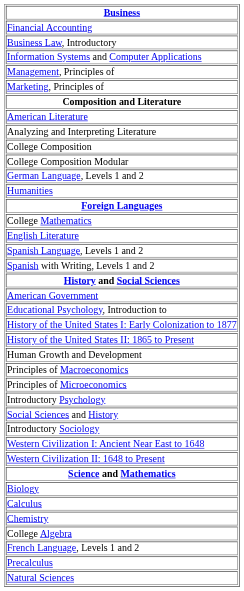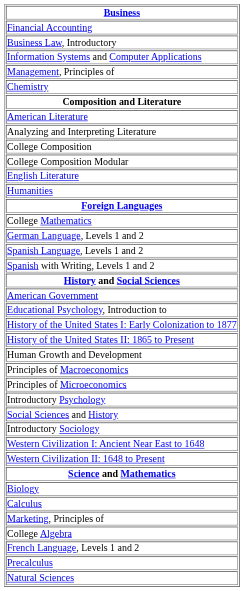 <table border="1">
 <tr>
 <th><a href='#'>Business</a></th>
 </tr>
 <tr>
 <td><a href='#'>Financial Accounting</a></td>
 </tr>
 <tr>
 <td><a href='#'>Business Law</a>, Introductory</td>
 </tr>
 <tr>
 <td><a href='#'>Information Systems</a> and <a href='#'>Computer Applications</a></td>
 </tr>
 <tr>
 <td><a href='#'>Management</a>, Principles of</td>
 </tr>
 <tr>
-<td><a href='#'>Marketing</a>, Principles of</td>
+<td><a href='#'>Chemistry</a></td>
 </tr>
 <tr>
 <th>Composition and Literature</th>
 </tr>
 <tr>
 <td><a href='#'>American Literature</a></td>
 </tr>
 <tr>
 <td>Analyzing and Interpreting Literature</td>
 </tr>
 <tr>
 <td>College Composition</td>
 </tr>
 <tr>
 <td>College Composition Modular</td>
 </tr>
 <tr>
-<td><a href='#'>German Language</a>, Levels 1 and 2</td>
+<td><a href='#'>English Literature</a></td>
 </tr>
 <tr>
 <td><a href='#'>Humanities</a></td>
 </tr>
 <tr>
 <th><a href='#'>Foreign Languages</a></th>
 </tr>
 <tr>
 <td>College <a href='#'>Mathematics</a></td>
 </tr>
 <tr>
-<td><a href='#'>English Literature</a></td>
+<td><a href='#'>German Language</a>, Levels 1 and 2</td>
 </tr>
 <tr>
 <td><a href='#'>Spanish Language</a>, Levels 1 and 2</td>
 </tr>
 <tr>
 <td><a href='#'>Spanish</a> with Writing, Levels 1 and 2</td>
 </tr>
 <tr>
 <th><a href='#'>History</a> and <a href='#'>Social Sciences</a></th>
 </tr>
 <tr>
 <td><a href='#'>American Government</a></td>
 </tr>
 <tr>
 <td><a href='#'>Educational Psychology</a>, Introduction to</td>
 </tr>
 <tr>
 <td><a href='#'>History of the United States I: Early Colonization to 1877</a></td>
 </tr>
 <tr>
 <td><a href='#'>History of the United States II: 1865 to Present</a></td>
 </tr>
 <tr>
 <td>Human Growth and Development</td>
 </tr>
 <tr>
 <td>Principles of <a href='#'>Macroeconomics</a></td>
 </tr>
 <tr>
 <td>Principles of <a href='#'>Microeconomics</a></td>
 </tr>
 <tr>
 <td>Introductory <a href='#'>Psychology</a></td>
 </tr>
 <tr>
 <td><a href='#'>Social Sciences</a> and <a href='#'>History</a></td>
 </tr>
 <tr>
 <td>Introductory <a href='#'>Sociology</a></td>
 </tr>
 <tr>
 <td><a href='#'>Western Civilization I: Ancient Near East to 1648</a></td>
 </tr>
 <tr>
 <td><a href='#'>Western Civilization II: 1648 to Present</a></td>
 </tr>
 <tr>
 <th><a href='#'>Science</a> and <a href='#'>Mathematics</a></th>
 </tr>
 <tr>
 <td><a href='#'>Biology</a></td>
 </tr>
 <tr>
 <td><a href='#'>Calculus</a></td>
 </tr>
 <tr>
-<td><a href='#'>Chemistry</a></td>
+<td><a href='#'>Marketing</a>, Principles of</td>
 </tr>
 <tr>
 <td>College <a href='#'>Algebra</a></td>
 </tr>
 <tr>
 <td><a href='#'>French Language</a>, Levels 1 and 2</td>
 </tr>
 <tr>
 <td><a href='#'>Precalculus</a></td>
 </tr>
 <tr>
 <td><a href='#'>Natural Sciences</a></td>
 </tr>
 </table>
